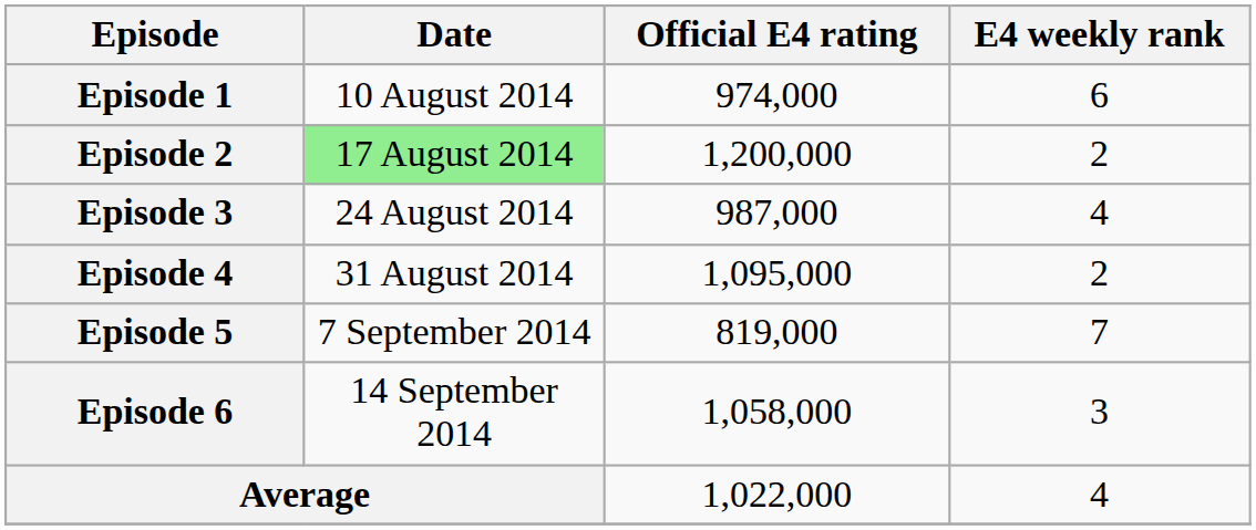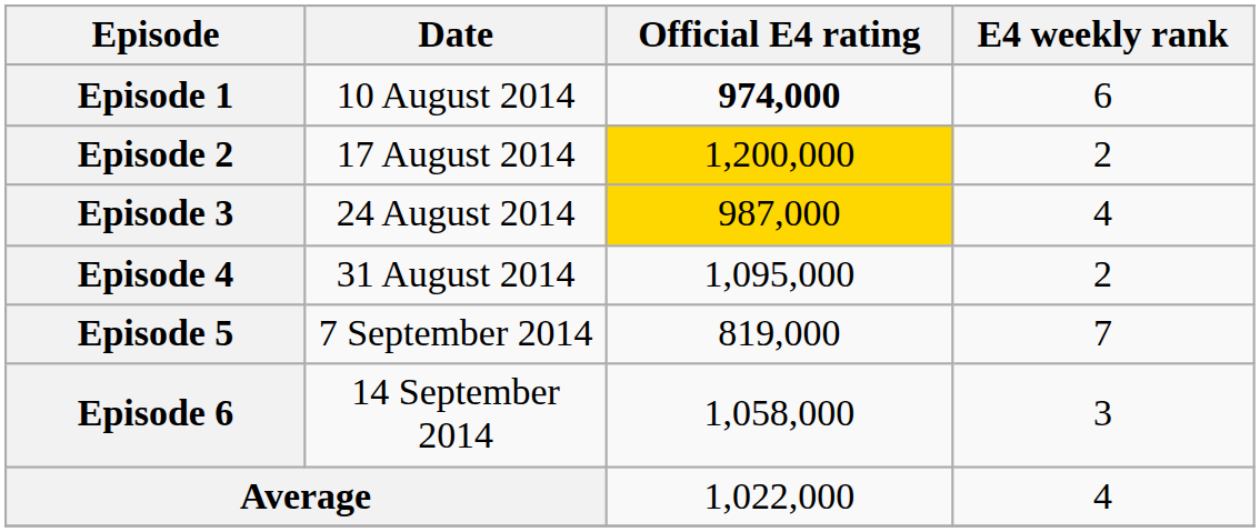 <table class="wikitable sortable" style="text-align:center">
 <tr>
 <th scope="col" style="width:120px;">Episode</th>
 <th scope="col" style="width:120px;">Date</th>
 <th scope="col" style="width:140px;">Official E4 rating</th>
 <th scope="col" style="width:120px;">E4 weekly rank</th>
 </tr>
 <tr>
 <th scope="row">Episode 1</th>
 <td>10 August 2014</td>
-<td>974,000</td>
+<td><strong>974,000</strong></td>
 <td>6</td>
 </tr>
 <tr>
 <th scope="row">Episode 2</th>
-<td style="background: lightgreen;">17 August 2014</td>
-<td>1,200,000</td>
+<td>17 August 2014</td>
+<td style="background: gold;">1,200,000</td>
 <td>2</td>
 </tr>
 <tr>
 <th scope="row">Episode 3</th>
 <td>24 August 2014</td>
-<td>987,000</td>
+<td style="background: gold;">987,000</td>
 <td>4</td>
 </tr>
 <tr>
 <th scope="row">Episode 4</th>
 <td>31 August 2014</td>
 <td>1,095,000</td>
 <td>2</td>
 </tr>
 <tr>
 <th scope="row">Episode 5</th>
 <td>7 September 2014</td>
 <td>819,000</td>
 <td>7</td>
 </tr>
 <tr>
 <th scope="row">Episode 6</th>
 <td>14 September 2014</td>
 <td>1,058,000</td>
 <td>3</td>
 </tr>
 <tr>
 <th scope="row" colspan="2">Average</th>
 <td>1,022,000</td>
 <td>4</td>
 </tr>
 <tr>
 </tr>
 </table>
